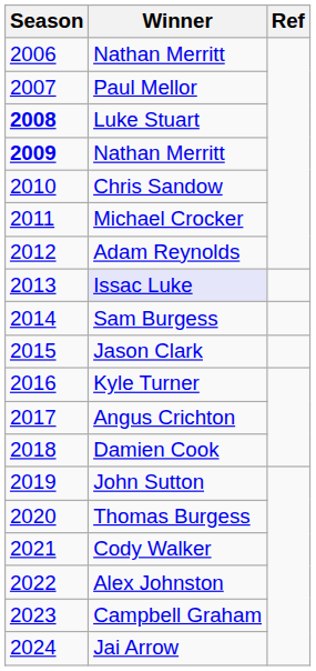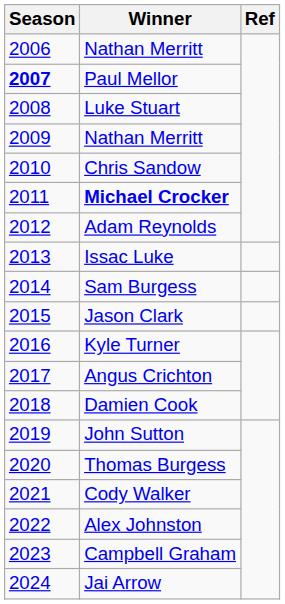 <table class="wikitable">
 <tr>
 <th>Season</th>
 <th>Winner</th>
 <th>Ref</th>
 </tr>
 <tr>
 <td><a href='#'>2006</a></td>
 <td><a href='#'>Nathan Merritt</a></td>
 <td rowspan="7"></td>
 </tr>
 <tr>
-<td><a href='#'>2007</a></td>
+<td><strong><a href='#'>2007</a></strong></td>
 <td><a href='#'>Paul Mellor</a></td>
 </tr>
 <tr>
-<td><strong><a href='#'>2008</a></strong></td>
+<td><a href='#'>2008</a></td>
 <td><a href='#'>Luke Stuart</a></td>
 </tr>
 <tr>
-<td><strong><a href='#'>2009</a></strong></td>
+<td><a href='#'>2009</a></td>
 <td><a href='#'>Nathan Merritt</a></td>
 </tr>
 <tr>
 <td><a href='#'>2010</a></td>
 <td><a href='#'>Chris Sandow</a></td>
 </tr>
 <tr>
 <td><a href='#'>2011</a></td>
-<td><a href='#'>Michael Crocker</a></td>
+<td><strong><a href='#'>Michael Crocker</a></strong></td>
 </tr>
 <tr>
 <td><a href='#'>2012</a></td>
 <td><a href='#'>Adam Reynolds</a></td>
 </tr>
 <tr>
 <td><a href='#'>2013</a></td>
-<td style="background: lavender;"><a href='#'>Issac Luke</a></td>
+<td><a href='#'>Issac Luke</a></td>
 <td></td>
 </tr>
 <tr>
 <td><a href='#'>2014</a></td>
 <td><a href='#'>Sam Burgess</a></td>
 <td></td>
 </tr>
 <tr>
 <td><a href='#'>2015</a></td>
 <td><a href='#'>Jason Clark</a></td>
 <td></td>
 </tr>
 <tr>
 <td><a href='#'>2016</a></td>
 <td><a href='#'>Kyle Turner</a></td>
 <td rowspan="3"></td>
 </tr>
 <tr>
 <td><a href='#'>2017</a></td>
 <td><a href='#'>Angus Crichton</a></td>
 </tr>
 <tr>
 <td><a href='#'>2018</a></td>
 <td><a href='#'>Damien Cook</a></td>
 </tr>
 <tr>
 <td><a href='#'>2019</a></td>
 <td><a href='#'>John Sutton</a></td>
 </tr>
 <tr>
 <td><a href='#'>2020</a></td>
 <td><a href='#'>Thomas Burgess</a></td>
 </tr>
 <tr>
 <td><a href='#'>2021</a></td>
 <td><a href='#'>Cody Walker</a></td>
 </tr>
 <tr>
 <td><a href='#'>2022</a></td>
 <td><a href='#'>Alex Johnston</a></td>
 </tr>
 <tr>
 <td><a href='#'>2023</a></td>
 <td><a href='#'>Campbell Graham</a></td>
 </tr>
 <tr>
 <td><a href='#'>2024</a></td>
 <td><a href='#'>Jai Arrow</a></td>
 </tr>
 </table>
